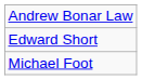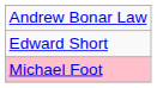 <table class="wikitable">
 <tr>
 <td><a href='#'>Andrew Bonar Law</a></td>
 </tr>
 <tr>
 <td><a href='#'>Edward Short</a></td>
 </tr>
 <tr>
-<td><a href='#'>Michael Foot</a></td>
+<td style="background: pink;"><a href='#'>Michael Foot</a></td>
 </tr>
 </table>
